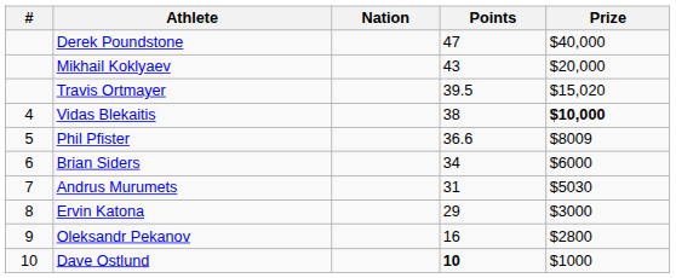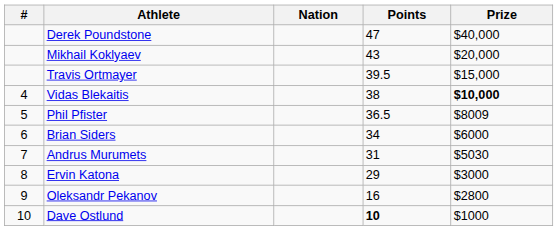 <table class="wikitable" style="display: inline-table;width: 55%;">
 <tr>
 <th scope="col">#</th>
 <th scope="col">Athlete</th>
 <th scope="col">Nation</th>
 <th scope="col">Points</th>
 <th scope="col">Prize</th>
 </tr>
 <tr>
 <td align="center"></td>
 <td><a href='#'>Derek Poundstone</a></td>
 <td></td>
 <td>47</td>
 <td>$40,000</td>
 </tr>
 <tr>
 <td align="center"></td>
 <td><a href='#'>Mikhail Koklyaev</a></td>
 <td></td>
 <td>43</td>
 <td>$20,000</td>
 </tr>
 <tr>
 <td align="center"></td>
 <td><a href='#'>Travis Ortmayer</a></td>
 <td></td>
 <td>39.5</td>
-<td>$15,020</td>
+<td>$15,000</td>
 </tr>
 <tr>
 <td align="center">4</td>
 <td><a href='#'>Vidas Blekaitis</a></td>
 <td></td>
 <td>38</td>
 <td><strong>$10,000</strong></td>
 </tr>
 <tr>
 <td align="center">5</td>
 <td><a href='#'>Phil Pfister</a></td>
 <td></td>
-<td>36.6</td>
+<td>36.5</td>
 <td>$8009</td>
 </tr>
 <tr>
 <td align="center">6</td>
 <td><a href='#'>Brian Siders</a></td>
 <td></td>
 <td>34</td>
 <td>$6000</td>
 </tr>
 <tr>
 <td align="center">7</td>
 <td><a href='#'>Andrus Murumets</a></td>
 <td></td>
 <td>31</td>
 <td>$5030</td>
 </tr>
 <tr>
 <td align="center">8</td>
 <td><a href='#'>Ervin Katona</a></td>
 <td></td>
 <td>29</td>
 <td>$3000</td>
 </tr>
 <tr>
 <td align="center">9</td>
 <td><a href='#'>Oleksandr Pekanov</a></td>
 <td></td>
 <td>16</td>
 <td>$2800</td>
 </tr>
 <tr>
 <td align="center">10</td>
 <td><a href='#'>Dave Ostlund</a></td>
 <td></td>
 <td><strong>10</strong></td>
 <td>$1000</td>
 </tr>
 </table>
